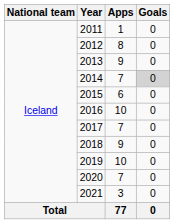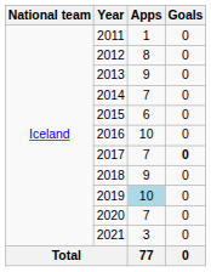 <table class="wikitable" style="text-align:center">
 <tr>
 <th>National team</th>
 <th>Year</th>
 <th>Apps</th>
 <th>Goals</th>
 </tr>
 <tr>
 <td rowspan="11"><a href='#'>Iceland</a></td>
 <td>2011</td>
 <td>1</td>
 <td>0</td>
 </tr>
 <tr>
 <td>2012</td>
 <td>8</td>
 <td>0</td>
 </tr>
 <tr>
 <td>2013</td>
 <td>9</td>
 <td>0</td>
 </tr>
 <tr>
 <td>2014</td>
 <td>7</td>
-<td style="background: lightgrey;">0</td>
+<td>0</td>
 </tr>
 <tr>
 <td>2015</td>
 <td>6</td>
 <td>0</td>
 </tr>
 <tr>
 <td>2016</td>
 <td>10</td>
 <td>0</td>
 </tr>
 <tr>
 <td>2017</td>
 <td>7</td>
-<td>0</td>
+<td><strong>0</strong></td>
 </tr>
 <tr>
 <td>2018</td>
 <td>9</td>
 <td>0</td>
 </tr>
 <tr>
 <td>2019</td>
-<td>10</td>
+<td style="background: lightblue;">10</td>
 <td>0</td>
 </tr>
 <tr>
 <td>2020</td>
 <td>7</td>
 <td>0</td>
 </tr>
 <tr>
 <td>2021</td>
 <td>3</td>
 <td>0</td>
 </tr>
 <tr>
 <th colspan="2">Total</th>
 <th>77</th>
 <th>0</th>
 </tr>
 </table>
